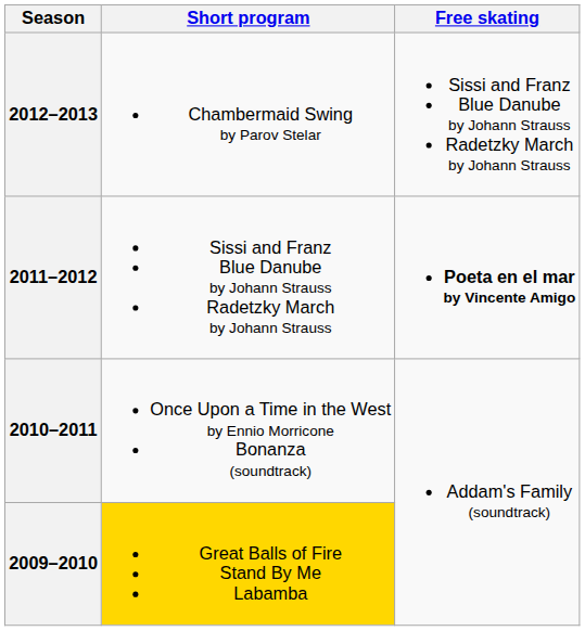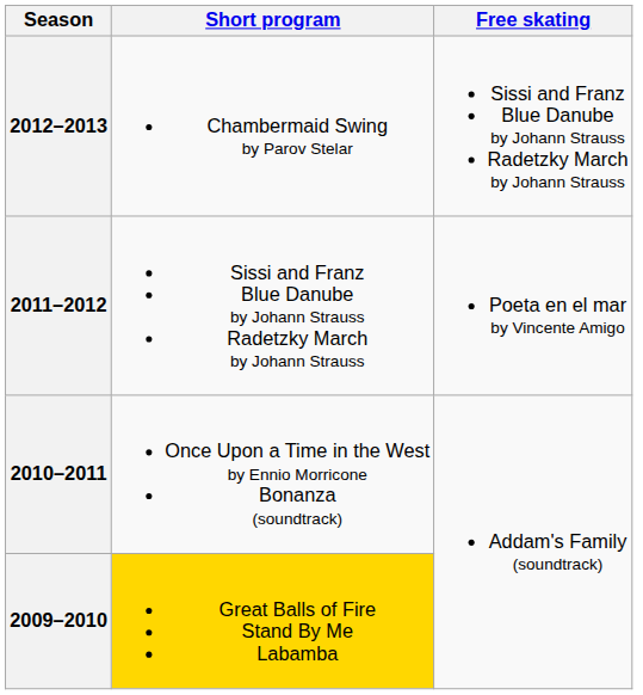 <table class="wikitable" style="text-align:center">
 <tr>
 <th>Season</th>
 <th><a href='#'>Short program</a></th>
 <th><a href='#'>Free skating</a></th>
 </tr>
 <tr>
 <th>2012–2013 <br> </th>
 <td><br><ul><li>Chambermaid Swing <br><small> by Parov Stelar </small></li></ul></td>
 <td><br><ul><li>Sissi and Franz</li><li>Blue Danube <br><small> by Johann Strauss </small></li><li>Radetzky March <br><small> by Johann Strauss </small></li></ul></td>
 </tr>
 <tr>
 <th>2011–2012 <br> </th>
 <td><br><ul><li>Sissi and Franz</li><li>Blue Danube <br><small> by Johann Strauss </small></li><li>Radetzky March <br><small> by Johann Strauss </small></li></ul></td>
-<td><strong><br><ul><li>Poeta en el mar <br><small> by Vincente Amigo </small></li></ul></strong></td>
+<td><br><ul><li>Poeta en el mar <br><small> by Vincente Amigo </small></li></ul></td>
 </tr>
 <tr>
 <th>2010–2011 <br> </th>
 <td><br><ul><li>Once Upon a Time in the West <br><small> by Ennio Morricone </small></li><li>Bonanza <br><small> (soundtrack) </small></li></ul></td>
 <td rowspan=2><br><ul><li>Addam's Family <br><small> (soundtrack) </small></li></ul></td>
 </tr>
 <tr>
 <th>2009–2010 <br> </th>
 <td style="background: gold;"><br><ul><li>Great Balls of Fire</li><li>Stand By Me</li><li>Labamba</li></ul></td>
 </tr>
 </table>
